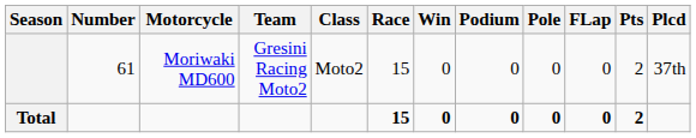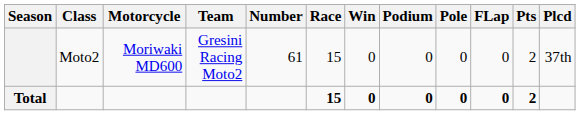 <table class="wikitable">
 <tr>
 <th>Season</th>
-<th>Number</th>
+<th>Class</th>
 <th>Motorcycle</th>
 <th>Team</th>
-<th>Class</th>
+<th>Number</th>
 <th>Race</th>
 <th>Win</th>
 <th>Podium</th>
 <th>Pole</th>
 <th>FLap</th>
 <th>Pts</th>
 <th>Plcd</th>
 </tr>
 <tr align="right">
 <th></th>
-<td>61</td>
+<td>Moto2</td>
 <td><a href='#'>Moriwaki MD600</a></td>
 <td><a href='#'>Gresini Racing Moto2</a></td>
-<td>Moto2</td>
+<td>61</td>
 <td>15</td>
 <td>0</td>
 <td>0</td>
 <td>0</td>
 <td>0</td>
 <td>2</td>
 <td>37th</td>
 </tr>
 <tr align="right">
 <th>Total</th>
 <td></td>
 <td></td>
 <td></td>
 <td></td>
 <td><strong>15</strong></td>
 <td><strong>0</strong></td>
 <td><strong>0</strong></td>
 <td><strong>0</strong></td>
 <td><strong>0</strong></td>
 <td><strong>2</strong></td>
 <td></td>
 </tr>
 </table>
